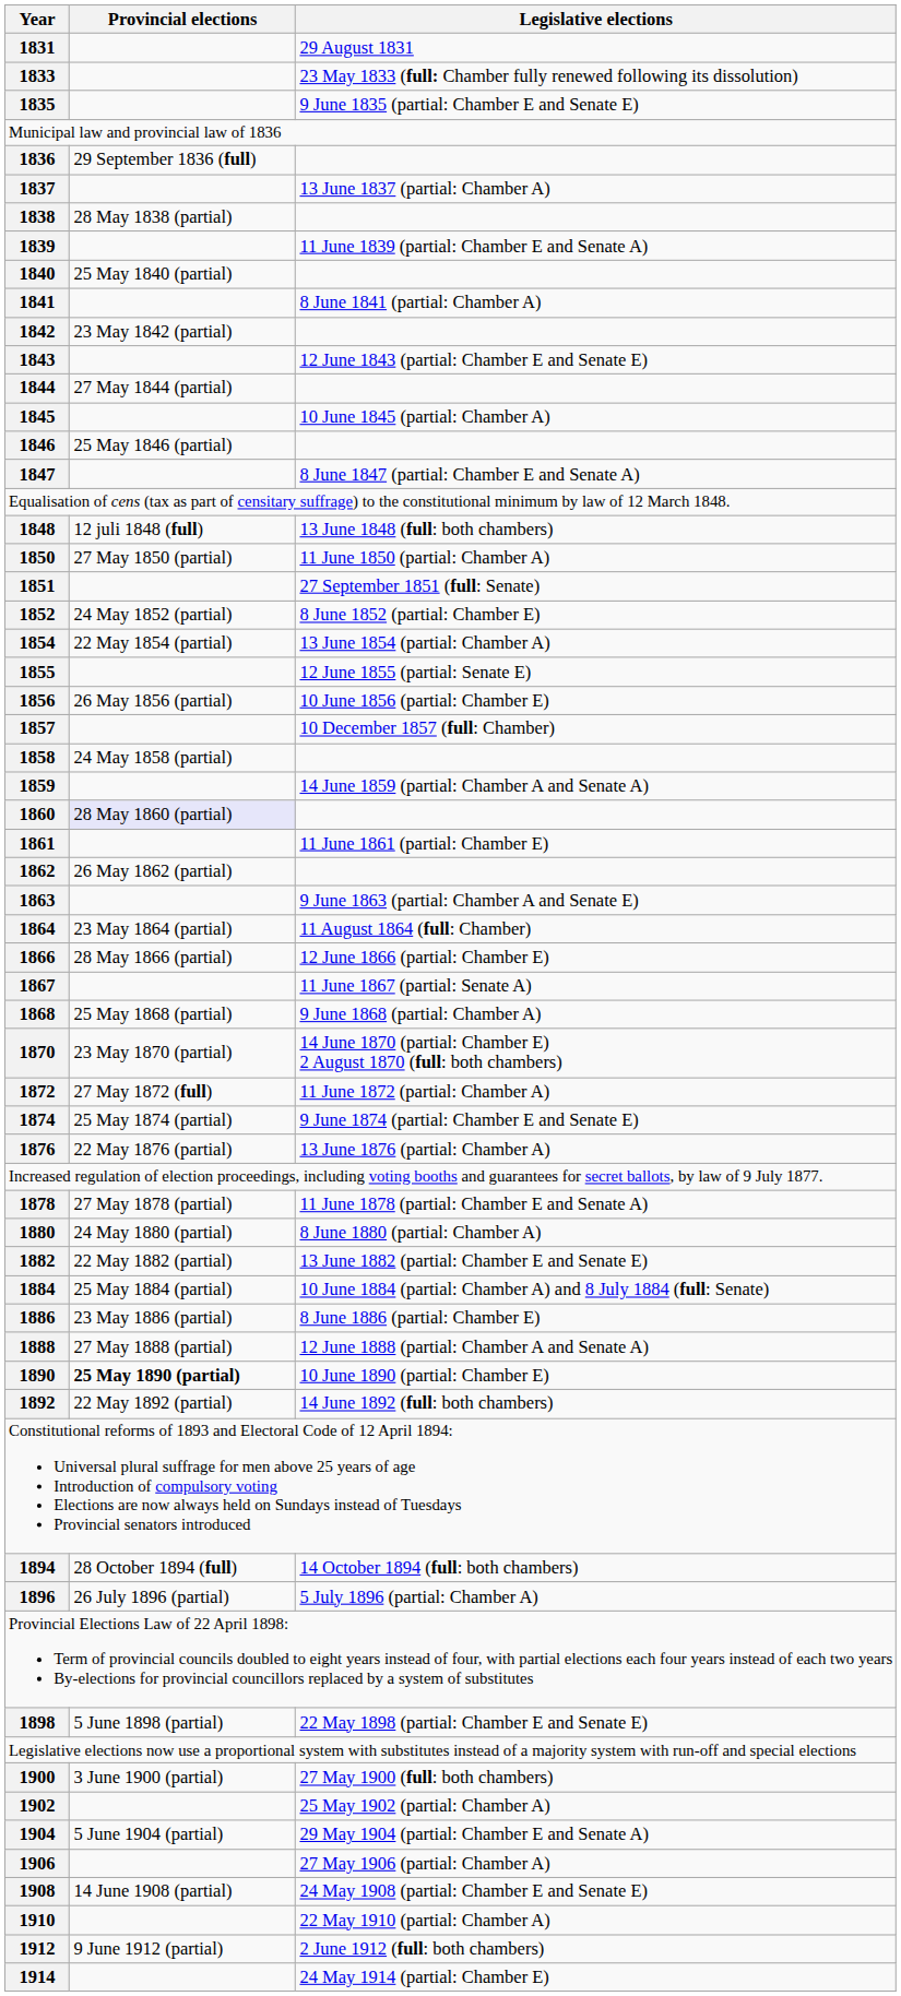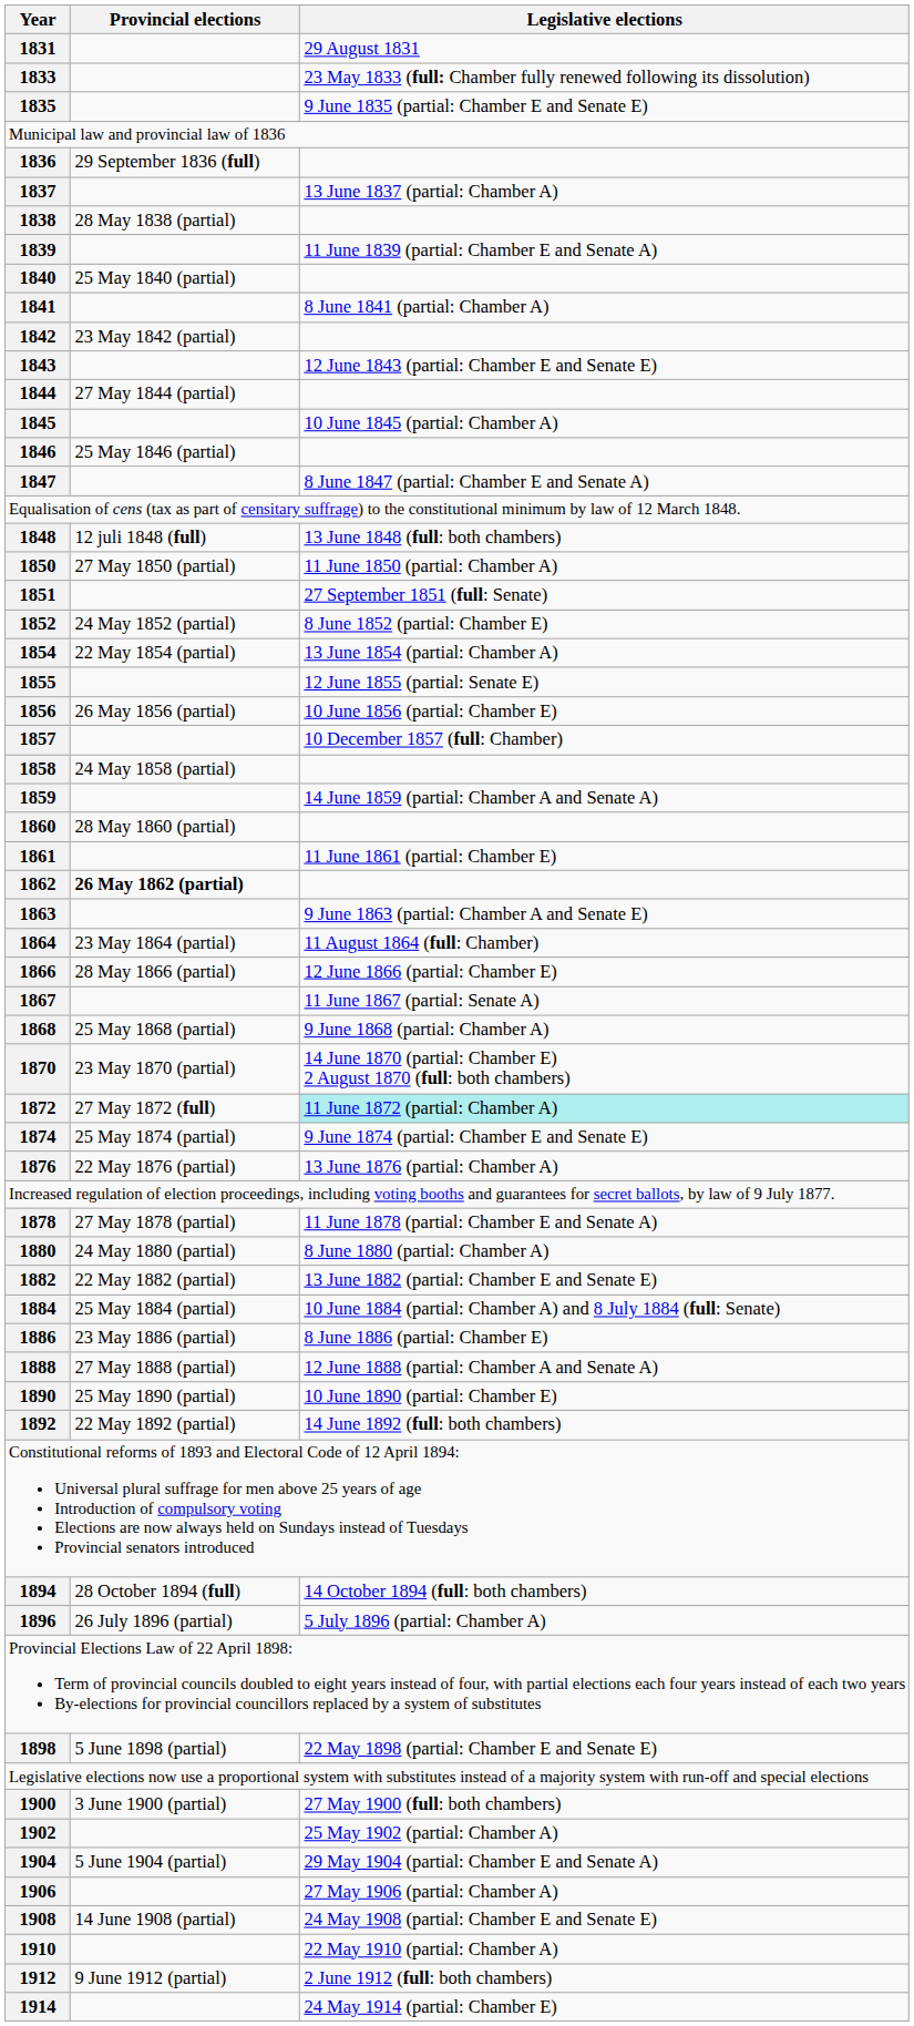 <table class="wikitable">
 <tr>
 <th style="width:50px;">Year</th>
 <th>Provincial elections</th>
 <th>Legislative elections</th>
 </tr>
 <tr>
 <th>1831</th>
 <td></td>
 <td><a href='#'>29 August 1831</a></td>
 </tr>
 <tr>
 <th>1833</th>
 <td></td>
 <td><a href='#'>23 May 1833</a> (<strong>full:</strong> Chamber fully renewed following its dissolution)</td>
 </tr>
 <tr>
 <th>1835</th>
 <td></td>
 <td><a href='#'>9 June 1835</a> (partial: Chamber E and Senate E)</td>
 </tr>
 <tr>
 <td colspan="3" style="text-align:left;font-size:90%;">Municipal law and provincial law of 1836</td>
 </tr>
 <tr>
 <th>1836</th>
 <td>29 September 1836 (<strong>full</strong>)</td>
 <td></td>
 </tr>
 <tr>
 <th>1837</th>
 <td></td>
 <td><a href='#'>13 June 1837</a> (partial: Chamber A)</td>
 </tr>
 <tr>
 <th>1838</th>
 <td>28 May 1838 (partial)</td>
 <td></td>
 </tr>
 <tr>
 <th>1839</th>
 <td></td>
 <td><a href='#'>11 June 1839</a> (partial: Chamber E and Senate A)</td>
 </tr>
 <tr>
 <th>1840</th>
 <td>25 May 1840 (partial)</td>
 <td></td>
 </tr>
 <tr>
 <th>1841</th>
 <td></td>
 <td><a href='#'>8 June 1841</a> (partial: Chamber A)</td>
 </tr>
 <tr>
 <th>1842</th>
 <td>23 May 1842 (partial)</td>
 <td></td>
 </tr>
 <tr>
 <th>1843</th>
 <td></td>
 <td><a href='#'>12 June 1843</a> (partial: Chamber E and Senate E)</td>
 </tr>
 <tr>
 <th>1844</th>
 <td>27 May 1844 (partial)</td>
 <td></td>
 </tr>
 <tr>
 <th>1845</th>
 <td></td>
 <td><a href='#'>10 June 1845</a> (partial: Chamber A)</td>
 </tr>
 <tr>
 <th>1846</th>
 <td>25 May 1846 (partial)</td>
 <td></td>
 </tr>
 <tr>
 <th>1847</th>
 <td></td>
 <td><a href='#'>8 June 1847</a> (partial: Chamber E and Senate A)</td>
 </tr>
 <tr>
 <td colspan="3" style="text-align:left;font-size:90%;">Equalisation of <em>cens</em> (tax as part of <a href='#'>censitary suffrage</a>) to the constitutional minimum by law of 12 March 1848.</td>
 </tr>
 <tr>
 <th>1848</th>
 <td>12 juli 1848 (<strong>full</strong>)</td>
 <td><a href='#'>13 June 1848</a> (<strong>full</strong>: both chambers)</td>
 </tr>
 <tr>
 <th>1850</th>
 <td>27 May 1850 (partial)</td>
 <td><a href='#'>11 June 1850</a> (partial: Chamber A)</td>
 </tr>
 <tr>
 <th>1851</th>
 <td></td>
 <td><a href='#'>27 September 1851</a> (<strong>full</strong>: Senate)</td>
 </tr>
 <tr>
 <th>1852</th>
 <td>24 May 1852 (partial)</td>
 <td><a href='#'>8 June 1852</a> (partial: Chamber E)</td>
 </tr>
 <tr>
 <th>1854</th>
 <td>22 May 1854 (partial)</td>
 <td><a href='#'>13 June 1854</a> (partial: Chamber A)</td>
 </tr>
 <tr>
 <th>1855</th>
 <td></td>
 <td><a href='#'>12 June 1855</a> (partial: Senate E)</td>
 </tr>
 <tr>
 <th>1856</th>
 <td>26 May 1856 (partial)</td>
 <td><a href='#'>10 June 1856</a> (partial: Chamber E)</td>
 </tr>
 <tr>
 <th>1857</th>
 <td></td>
 <td><a href='#'>10 December 1857</a> (<strong>full</strong>: Chamber)</td>
 </tr>
 <tr>
 <th>1858</th>
 <td>24 May 1858 (partial)</td>
 <td></td>
 </tr>
 <tr>
 <th>1859</th>
 <td></td>
 <td><a href='#'>14 June 1859</a> (partial: Chamber A and Senate A)</td>
 </tr>
 <tr>
 <th>1860</th>
-<td style="background: lavender;">28 May 1860 (partial)</td>
+<td>28 May 1860 (partial)</td>
 <td></td>
 </tr>
 <tr>
 <th>1861</th>
 <td></td>
 <td><a href='#'>11 June 1861</a> (partial: Chamber E)</td>
 </tr>
 <tr>
 <th>1862</th>
-<td>26 May 1862 (partial)</td>
+<td><strong>26 May 1862 (partial)</strong></td>
 <td></td>
 </tr>
 <tr>
 <th>1863</th>
 <td></td>
 <td><a href='#'>9 June 1863</a> (partial: Chamber A and Senate E)</td>
 </tr>
 <tr>
 <th>1864</th>
 <td>23 May 1864 (partial)</td>
 <td><a href='#'>11 August 1864</a> (<strong>full</strong>: Chamber)</td>
 </tr>
 <tr>
 <th>1866</th>
 <td>28 May 1866 (partial)</td>
 <td><a href='#'>12 June 1866</a> (partial: Chamber E)</td>
 </tr>
 <tr>
 <th>1867</th>
 <td></td>
 <td><a href='#'>11 June 1867</a> (partial: Senate A)</td>
 </tr>
 <tr>
 <th>1868</th>
 <td>25 May 1868 (partial)</td>
 <td><a href='#'>9 June 1868</a> (partial: Chamber A)</td>
 </tr>
 <tr>
 <th>1870</th>
 <td>23 May 1870 (partial)</td>
 <td><a href='#'>14 June 1870</a> (partial: Chamber E)<br><a href='#'>2 August 1870</a> (<strong>full</strong>: both chambers)</td>
 </tr>
 <tr>
 <th>1872</th>
 <td>27 May 1872 (<strong>full</strong>)</td>
-<td><a href='#'>11 June 1872</a> (partial: Chamber A)</td>
+<td style="background: paleturquoise;"><a href='#'>11 June 1872</a> (partial: Chamber A)</td>
 </tr>
 <tr>
 <th>1874</th>
 <td>25 May 1874 (partial)</td>
 <td><a href='#'>9 June 1874</a> (partial: Chamber E and Senate E)</td>
 </tr>
 <tr>
 <th>1876</th>
 <td>22 May 1876 (partial)</td>
 <td><a href='#'>13 June 1876</a> (partial: Chamber A)</td>
 </tr>
 <tr>
 <td colspan="3" style="text-align:left;font-size:90%;">Increased regulation of election proceedings, including <a href='#'>voting booths</a> and guarantees for <a href='#'>secret ballots</a>, by law of 9 July 1877.</td>
 </tr>
 <tr>
 <th>1878</th>
 <td>27 May 1878 (partial)</td>
 <td><a href='#'>11 June 1878</a> (partial: Chamber E and Senate A)</td>
 </tr>
 <tr>
 <th>1880</th>
 <td>24 May 1880 (partial)</td>
 <td><a href='#'>8 June 1880</a> (partial: Chamber A)</td>
 </tr>
 <tr>
 <th>1882</th>
 <td>22 May 1882 (partial)</td>
 <td><a href='#'>13 June 1882</a> (partial: Chamber E and Senate E)</td>
 </tr>
 <tr>
 <th>1884</th>
 <td>25 May 1884 (partial)</td>
 <td><a href='#'>10 June 1884</a> (partial: Chamber A) and <a href='#'>8 July 1884</a> (<strong>full</strong>: Senate)</td>
 </tr>
 <tr>
 <th>1886</th>
 <td>23 May 1886 (partial)</td>
 <td><a href='#'>8 June 1886</a> (partial: Chamber E)</td>
 </tr>
 <tr>
 <th>1888</th>
 <td>27 May 1888 (partial)</td>
 <td><a href='#'>12 June 1888</a> (partial: Chamber A and Senate A)</td>
 </tr>
 <tr>
 <th>1890</th>
-<td><strong>25 May 1890 (partial)</strong></td>
+<td>25 May 1890 (partial)</td>
 <td><a href='#'>10 June 1890</a> (partial: Chamber E)</td>
 </tr>
 <tr>
 <th>1892</th>
 <td>22 May 1892 (partial)</td>
 <td><a href='#'>14 June 1892</a> (<strong>full</strong>: both chambers)</td>
 </tr>
 <tr>
 <td colspan="3" style="text-align:left;font-size:90%;">Constitutional reforms of 1893 and Electoral Code of 12 April 1894:<br><ul><li>Universal plural suffrage for men above 25 years of age</li><li>Introduction of <a href='#'>compulsory voting</a></li><li>Elections are now always held on Sundays instead of Tuesdays</li><li>Provincial senators introduced</li></ul></td>
 </tr>
 <tr>
 <th>1894</th>
 <td>28 October 1894 (<strong>full</strong>)</td>
 <td><a href='#'>14 October 1894</a> (<strong>full</strong>: both chambers)</td>
 </tr>
 <tr>
 <th>1896</th>
 <td>26 July 1896 (partial)</td>
 <td><a href='#'>5 July 1896</a> (partial: Chamber A)</td>
 </tr>
 <tr>
 <td colspan="3" style="text-align:left;font-size:90%;">Provincial Elections Law of 22 April 1898:<br><ul><li>Term of provincial councils doubled to eight years instead of four, with partial elections each four years instead of each two years</li><li>By-elections for provincial councillors replaced by a system of substitutes</li></ul></td>
 </tr>
 <tr>
 <th>1898</th>
 <td>5 June 1898 (partial)</td>
 <td><a href='#'>22 May 1898</a> (partial: Chamber E and Senate E)</td>
 </tr>
 <tr>
 <td colspan="3" style="text-align:left;font-size:90%;">Legislative elections now use a proportional system with substitutes instead of a majority system with run-off and special elections</td>
 </tr>
 <tr>
 <th>1900</th>
 <td>3 June 1900 (partial)</td>
 <td><a href='#'>27 May 1900</a> (<strong>full</strong>: both chambers)</td>
 </tr>
 <tr>
 <th>1902</th>
 <td></td>
 <td><a href='#'>25 May 1902</a> (partial: Chamber A)</td>
 </tr>
 <tr>
 <th>1904</th>
 <td>5 June 1904 (partial)</td>
 <td><a href='#'>29 May 1904</a> (partial: Chamber E and Senate A)</td>
 </tr>
 <tr>
 <th>1906</th>
 <td></td>
 <td><a href='#'>27 May 1906</a> (partial: Chamber A)</td>
 </tr>
 <tr>
 <th>1908</th>
 <td>14 June 1908 (partial)</td>
 <td><a href='#'>24 May 1908</a> (partial: Chamber E and Senate E)</td>
 </tr>
 <tr>
 <th>1910</th>
 <td></td>
 <td><a href='#'>22 May 1910</a> (partial: Chamber A)</td>
 </tr>
 <tr>
 <th>1912</th>
 <td>9 June 1912 (partial)</td>
 <td><a href='#'>2 June 1912</a> (<strong>full</strong>: both chambers)</td>
 </tr>
 <tr>
 <th>1914</th>
 <td></td>
 <td><a href='#'>24 May 1914</a> (partial: Chamber E)</td>
 </tr>
 </table>
